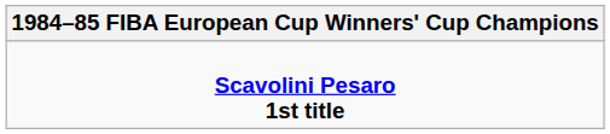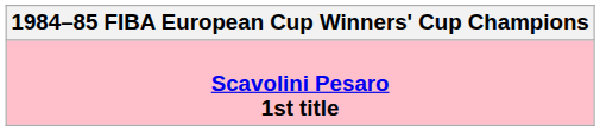 <table class=wikitable style="text-align:center; margin:auto">
 <tr>
 <th>1984–85 FIBA European Cup Winners' Cup Champions</th>
 </tr>
 <tr>
-<td><br> <strong><a href='#'>Scavolini Pesaro</a></strong> <br> <strong>1st title</strong></td>
+<td style="background: pink;"><br> <strong><a href='#'>Scavolini Pesaro</a></strong> <br> <strong>1st title</strong></td>
 </tr>
 </table>
